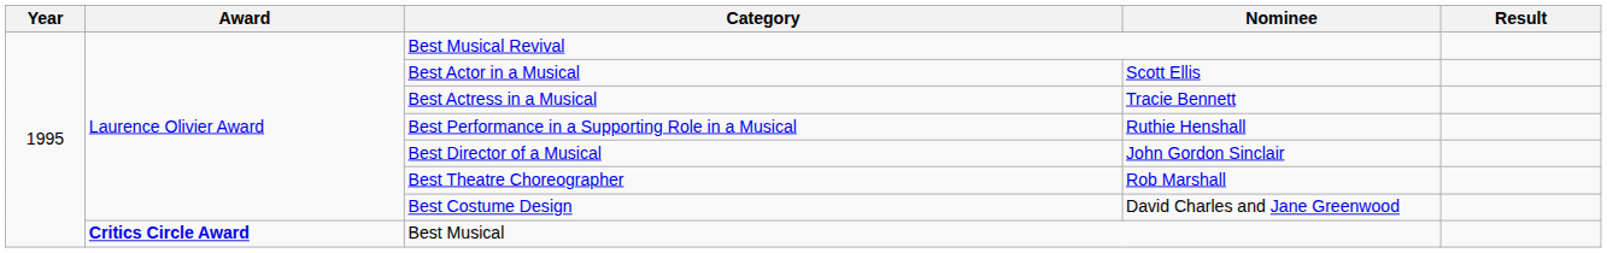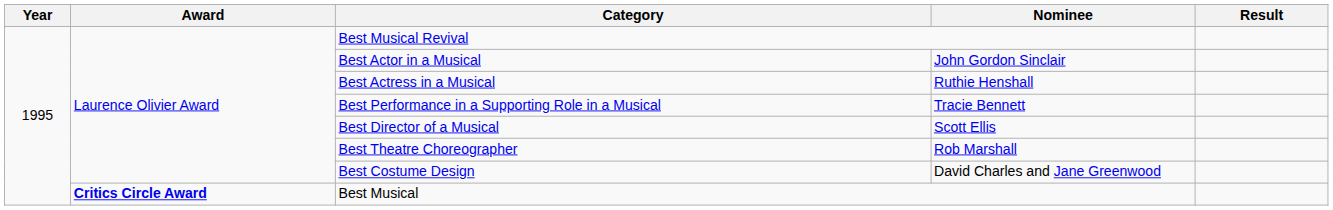 <table class="wikitable" width="95%">
 <tr>
 <th width="5%">Year</th>
 <th width="20%">Award</th>
 <th width="45%">Category</th>
 <th width="20%">Nominee</th>
 <th width="10%">Result</th>
 </tr>
 <tr>
 <td rowspan="8" align="center">1995</td>
 <td rowspan="7"><a href='#'>Laurence Olivier Award</a></td>
 <td colspan="2"><a href='#'>Best Musical Revival</a></td>
 <td></td>
 </tr>
 <tr>
 <td><a href='#'>Best Actor in a Musical</a></td>
-<td><a href='#'>Scott Ellis</a></td>
+<td><a href='#'>John Gordon Sinclair</a></td>
 <td></td>
 </tr>
 <tr>
 <td><a href='#'>Best Actress in a Musical</a></td>
+<td><a href='#'>Ruthie Henshall</a></td>
+<td></td>
+</tr>
+<tr>
+<td><a href='#'>Best Performance in a Supporting Role in a Musical</a></td>
 <td><a href='#'>Tracie Bennett</a></td>
 <td></td>
 </tr>
 <tr>
-<td><a href='#'>Best Performance in a Supporting Role in a Musical</a></td>
-<td><a href='#'>Ruthie Henshall</a></td>
-<td></td>
-</tr>
-<tr>
 <td><a href='#'>Best Director of a Musical</a></td>
-<td><a href='#'>John Gordon Sinclair</a></td>
+<td><a href='#'>Scott Ellis</a></td>
 <td></td>
 </tr>
 <tr>
 <td><a href='#'>Best Theatre Choreographer</a></td>
 <td><a href='#'>Rob Marshall</a></td>
 <td></td>
 </tr>
 <tr>
 <td><a href='#'>Best Costume Design</a></td>
 <td>David Charles and <a href='#'>Jane Greenwood</a></td>
 <td></td>
 </tr>
 <tr>
 <td><strong><a href='#'>Critics Circle Award</a></strong></td>
 <td colspan="2">Best Musical</td>
 <td></td>
 </tr>
 </table>
